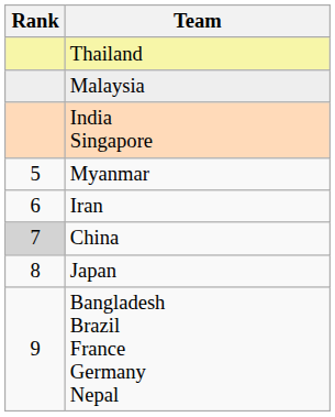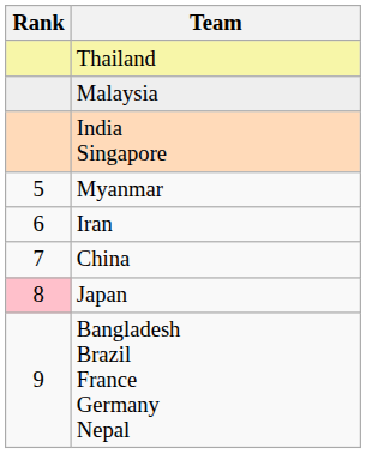 <table class="wikitable" style="text-align:center;">
 <tr>
 <th width=40>Rank</th>
 <th width=200>Team</th>
 </tr>
 <tr bgcolor=#f7f6a8>
 <td></td>
 <td style="text-align:left;">Thailand</td>
 </tr>
 <tr bgcolor=#EEEEEE>
 <td></td>
 <td style="text-align:left;">Malaysia</td>
 </tr>
 <tr bgcolor=#ffdab9>
 <td></td>
 <td style="text-align:left;">India<br>Singapore</td>
 </tr>
 <tr>
 <td>5</td>
 <td style="text-align:left;">Myanmar</td>
 </tr>
 <tr>
 <td>6</td>
 <td style="text-align:left;">Iran</td>
 </tr>
 <tr>
-<td style="background: lightgrey;">7</td>
+<td>7</td>
 <td style="text-align:left;">China</td>
 </tr>
 <tr>
-<td>8</td>
+<td style="background: pink;">8</td>
 <td style="text-align:left;">Japan</td>
 </tr>
 <tr>
 <td>9</td>
 <td style="text-align:left;">Bangladesh<br>Brazil<br>France<br>Germany<br>Nepal</td>
 </tr>
 </table>
